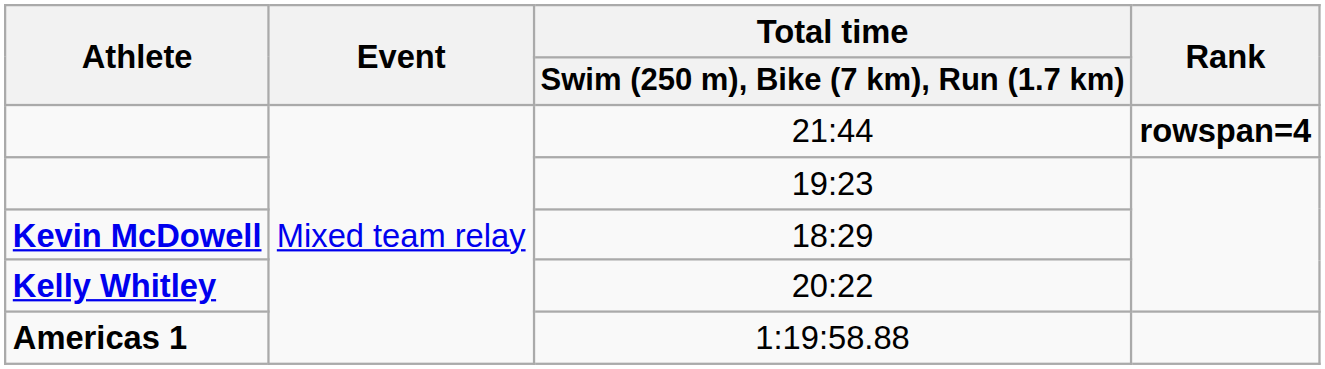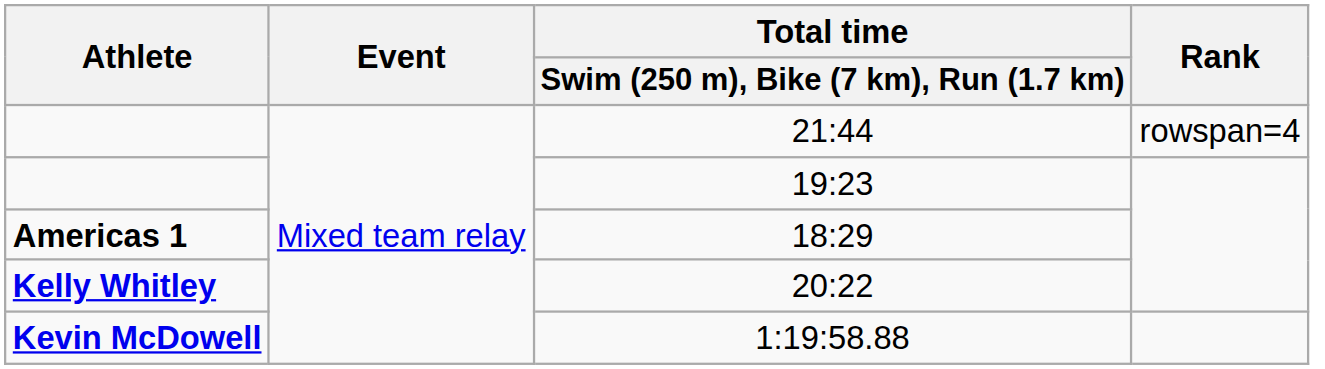 <table class=wikitable style=font-size:90%;text-align:center>
 <tr>
 <th rowspan=2>Athlete</th>
 <th rowspan=2>Event</th>
 <th>Total time</th>
 <th rowspan=2>Rank</th>
 </tr>
 <tr style=font-size:95%>
 <th>Swim (250 m), Bike (7 km), Run (1.7 km)</th>
 </tr>
 <tr>
 <td align=left></td>
 <td align=left rowspan=5><a href='#'>Mixed team relay</a></td>
 <td>21:44</td>
-<td><strong>rowspan=4 </strong></td>
+<td>rowspan=4 </td>
 </tr>
 <tr>
 <td align=left></td>
 <td>19:23</td>
 </tr>
 <tr>
-<td align=left><strong><a href='#'>Kevin McDowell</a></strong></td>
+<td align=left><strong>Americas 1</strong></td>
 <td>18:29</td>
 </tr>
 <tr>
 <td align=left><strong><a href='#'>Kelly Whitley</a></strong></td>
 <td>20:22</td>
 </tr>
 <tr>
-<td align=left><strong>Americas 1</strong></td>
+<td align=left><strong><a href='#'>Kevin McDowell</a></strong></td>
 <td>1:19:58.88</td>
 <td></td>
 </tr>
 </table>
